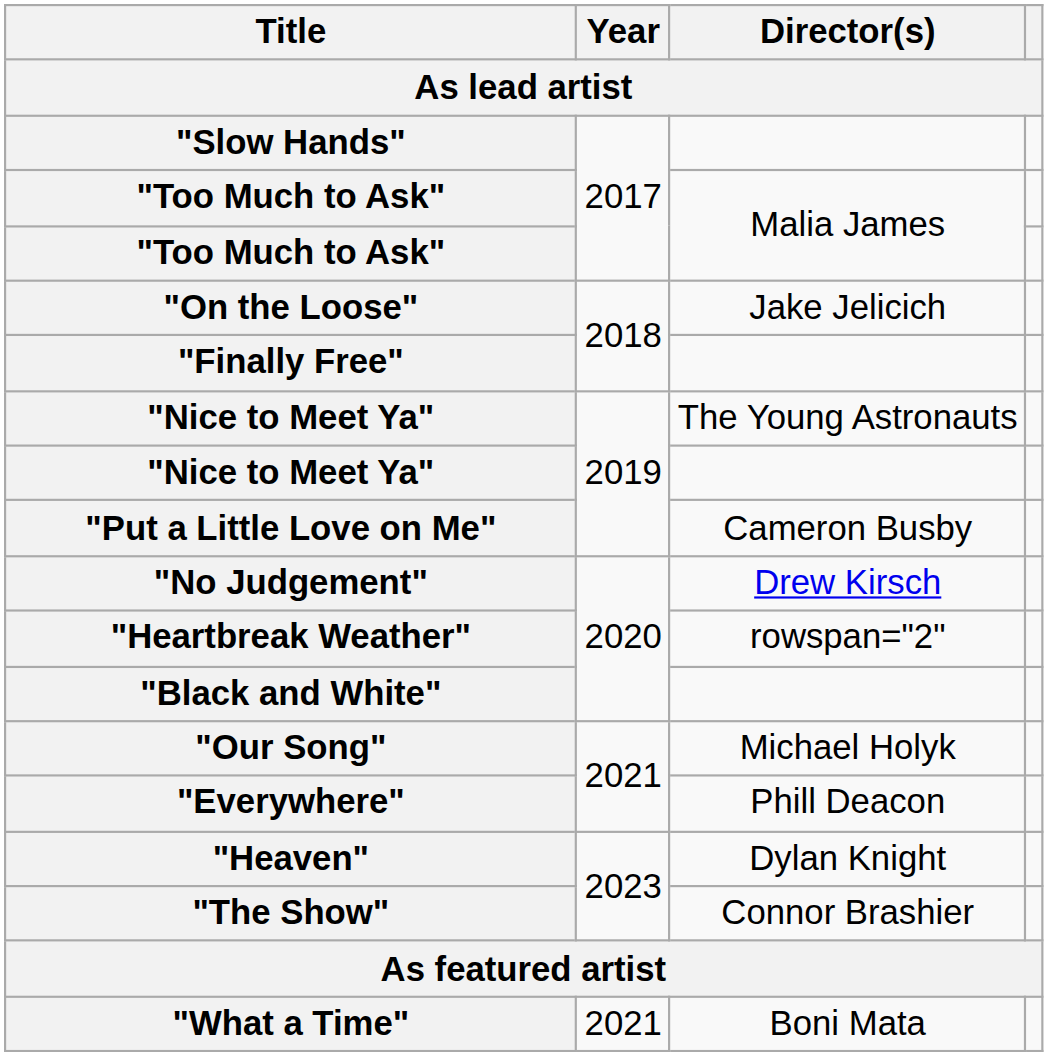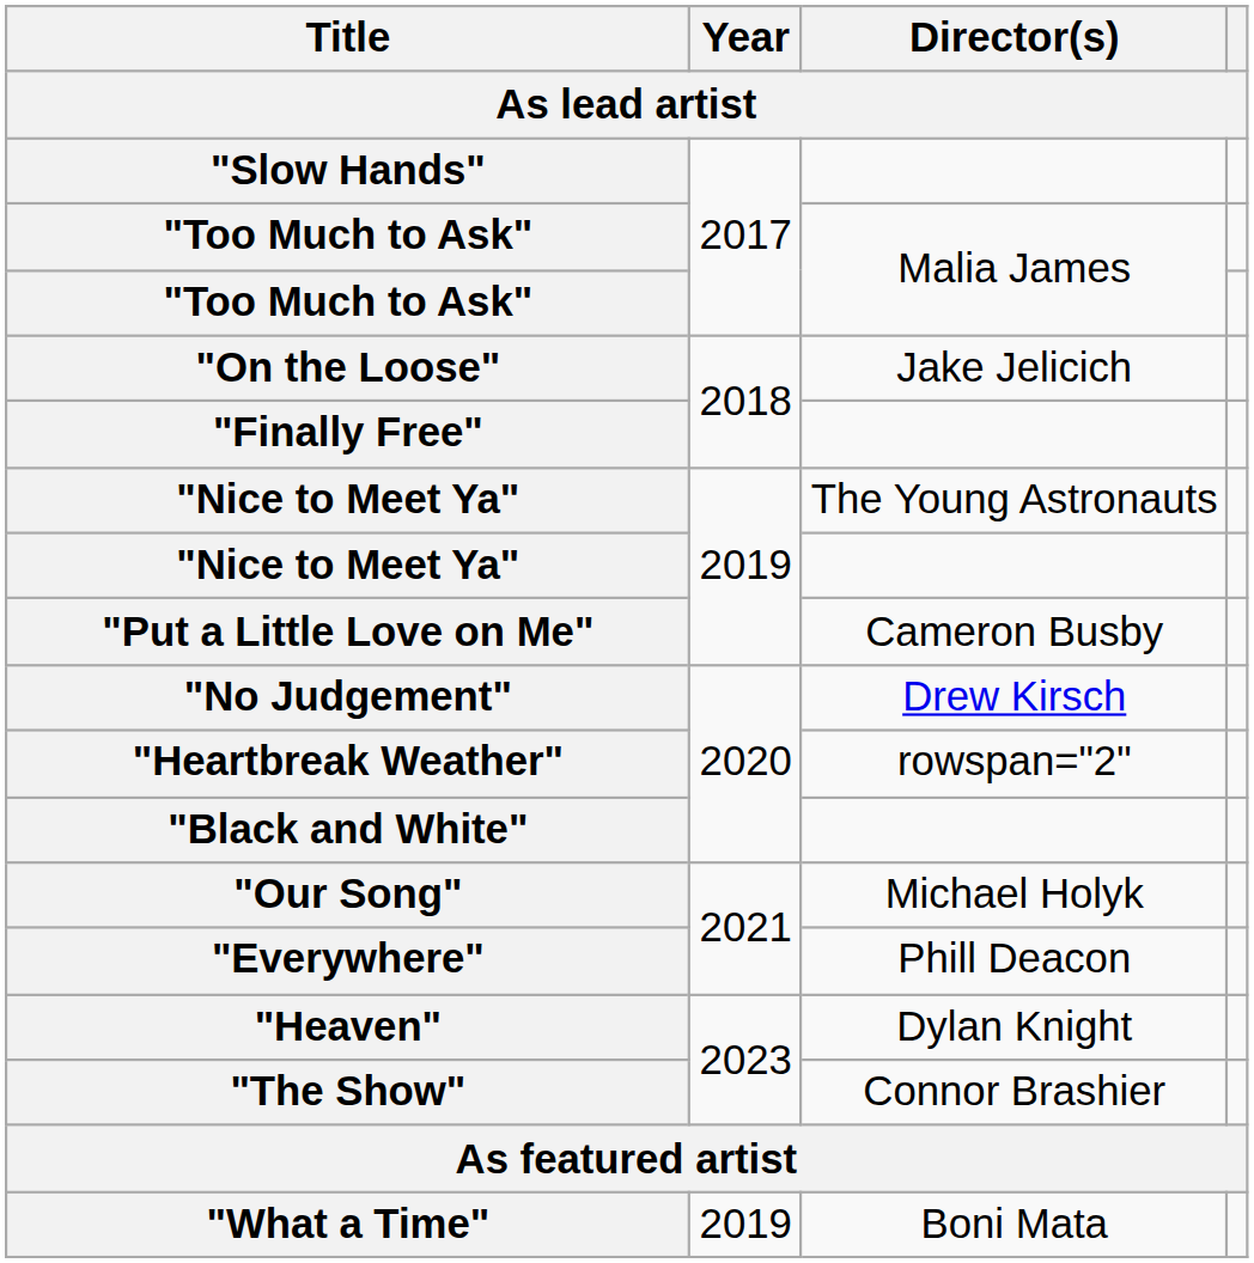 <table class="wikitable plainrowheaders" style="text-align:center;">
 <tr>
 <th scope="col" style="width:16em;">Title</th>
 <th scope="col" style="width:1em;">Year</th>
 <th scope="col">Director(s)</th>
 <th scope="col"></th>
 </tr>
 <tr>
 <th colspan="4" scope="col">As lead artist</th>
 </tr>
 <tr>
 <th scope="row">"Slow Hands" </th>
 <td rowspan="3">2017</td>
 <td></td>
 <td></td>
 </tr>
 <tr>
 <th scope="row">"Too Much to Ask"</th>
 <td rowspan="2">Malia James</td>
 <td></td>
 </tr>
 <tr>
 <th scope="row">"Too Much to Ask" </th>
 <td></td>
 </tr>
 <tr>
 <th scope="row">"On the Loose"</th>
 <td rowspan="2">2018</td>
 <td>Jake Jelicich</td>
 <td></td>
 </tr>
 <tr>
 <th scope="row">"Finally Free"</th>
 <td></td>
 <td></td>
 </tr>
 <tr>
 <th scope="row">"Nice to Meet Ya"</th>
 <td rowspan="3">2019</td>
 <td>The Young Astronauts</td>
 <td></td>
 </tr>
 <tr>
 <th scope="row">"Nice to Meet Ya" </th>
 <td></td>
 <td></td>
 </tr>
 <tr>
 <th scope="row">"Put a Little Love on Me"</th>
 <td>Cameron Busby</td>
 <td></td>
 </tr>
 <tr>
 <th scope="row">"No Judgement"</th>
 <td rowspan="3">2020</td>
 <td><a href='#'>Drew Kirsch</a></td>
 <td></td>
 </tr>
 <tr>
 <th scope="row">"Heartbreak Weather"</th>
 <td>rowspan="2" </td>
 <td></td>
 </tr>
 <tr>
 <th scope="row">"Black and White"</th>
 <td></td>
 </tr>
 <tr>
 <th scope="row">"Our Song" <br> </th>
 <td rowspan="2">2021</td>
 <td>Michael Holyk</td>
 <td></td>
 </tr>
 <tr>
 <th scope="row">"Everywhere" <br> </th>
 <td>Phill Deacon</td>
 <td></td>
 </tr>
 <tr>
 <th scope="row">"Heaven"</th>
 <td rowspan="2">2023</td>
 <td>Dylan Knight</td>
 <td></td>
 </tr>
 <tr>
 <th scope="row">"The Show"</th>
 <td>Connor Brashier</td>
 <td></td>
 </tr>
 <tr>
 <th colspan="4" scope="col">As featured artist</th>
 </tr>
 <tr>
 <th scope="row">"What a Time" <br> </th>
-<td>2021</td>
+<td>2019</td>
 <td>Boni Mata</td>
 <td></td>
 </tr>
 </table>
